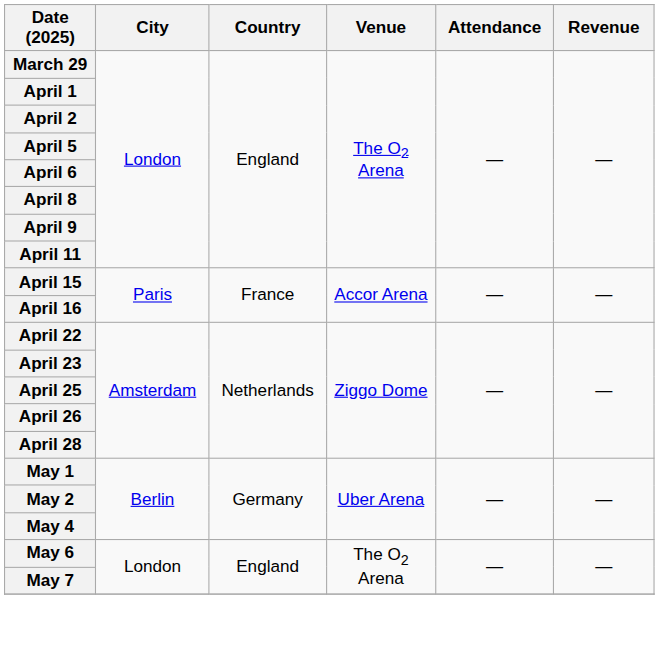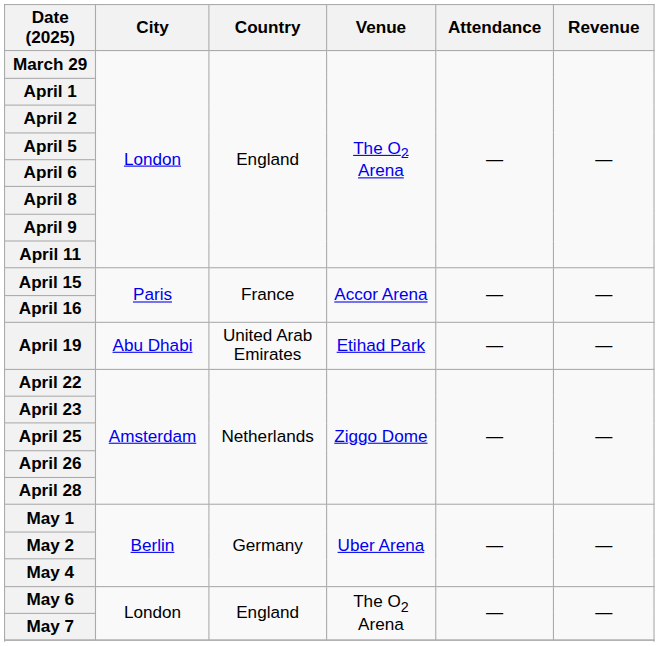 <table class="wikitable plainrowheaders" style="text-align:center">
 <tr>
 <th scope="col" style="width:12em;">Date<br>(2025)</th>
 <th scope="col" style="width:10em;">City</th>
 <th scope="col" style="width:10em;">Country</th>
 <th scope="col" style="width:17em;">Venue</th>
 <th scope="col" style="width:10em;">Attendance</th>
 <th scope="col" style="width:10em;">Revenue</th>
 </tr>
 <tr>
 <th scope="row" style="text-align:center">March 29</th>
 <td rowspan="8"><a href='#'>London</a></td>
 <td rowspan="8">England</td>
 <td rowspan="8"><a href='#'>The O<sub>2</sub> Arena</a></td>
 <td rowspan="8">—</td>
 <td rowspan="8">—</td>
 </tr>
 <tr>
 <th scope="row" style="text-align:center">April 1</th>
 </tr>
 <tr>
 <th scope="row" style="text-align:center">April 2</th>
 </tr>
 <tr>
 <th scope="row" style="text-align:center">April 5</th>
 </tr>
 <tr>
 <th scope="row" style="text-align:center">April 6</th>
 </tr>
 <tr>
 <th scope="row" style="text-align:center">April 8</th>
 </tr>
 <tr>
 <th scope="row" style="text-align:center">April 9</th>
 </tr>
 <tr>
 <th scope="row" style="text-align:center">April 11</th>
 </tr>
 <tr>
 <th scope="row" style="text-align:center">April 15</th>
 <td rowspan="2"><a href='#'>Paris</a></td>
 <td rowspan="2">France</td>
 <td rowspan="2"><a href='#'>Accor Arena</a></td>
 <td rowspan="2">—</td>
 <td rowspan="2">—</td>
 </tr>
 <tr>
 <th scope="row" style="text-align:center">April 16</th>
+</tr>
+<tr>
+<th scope="row" style="text-align:center">April 19</th>
+<td rowspan="1"><a href='#'>Abu Dhabi</a></td>
+<td rowspan="1">United Arab Emirates</td>
+<td rowspan="1"><a href='#'>Etihad Park</a></td>
+<td rowspan="1">—</td>
+<td rowspan="1'">—</td>
 </tr>
 <tr>
 <th scope="row" style="text-align:center">April 22</th>
 <td rowspan="5"><a href='#'>Amsterdam</a></td>
 <td rowspan="5">Netherlands</td>
 <td rowspan="5"><a href='#'>Ziggo Dome</a></td>
 <td rowspan="5">—</td>
 <td rowspan="5">—</td>
 </tr>
 <tr>
 <th scope="row" style="text-align:center">April 23</th>
 </tr>
 <tr>
 <th scope="row" style="text-align:center">April 25</th>
 </tr>
 <tr>
 <th scope="row" style="text-align:center">April 26</th>
 </tr>
 <tr>
 <th scope="row" style="text-align:center">April 28</th>
 </tr>
 <tr>
 <th scope="row" style="text-align:center">May 1</th>
 <td rowspan="3"><a href='#'>Berlin</a></td>
 <td rowspan="3">Germany</td>
 <td rowspan="3"><a href='#'> Uber Arena</a></td>
 <td rowspan="3">—</td>
 <td rowspan="3">—</td>
 </tr>
 <tr>
 <th scope="row" style="text-align:center">May 2</th>
 </tr>
 <tr>
 <th scope="row" style="text-align:center">May 4</th>
 </tr>
 <tr>
 <th scope="row" style="text-align:center">May 6</th>
 <td rowspan="2">London</td>
 <td rowspan="2">England</td>
 <td rowspan="2">The O<sub>2</sub> Arena</td>
 <td rowspan="2">—</td>
 <td rowspan="2">—</td>
 </tr>
 <tr>
 <th scope="row" style="text-align:center">May 7</th>
 </tr>
 <tr>
 </tr>
 <tr>
 </tr>
 </table>
